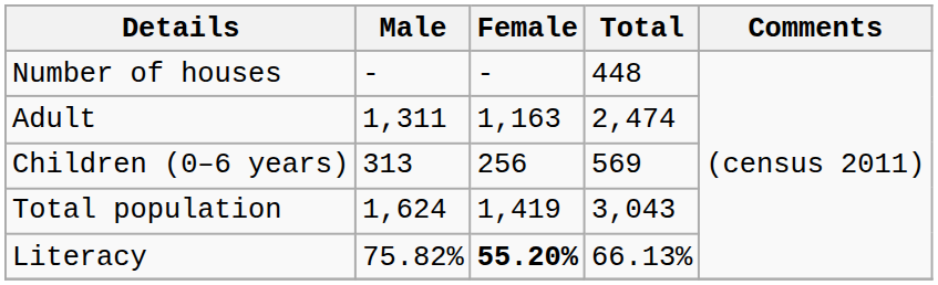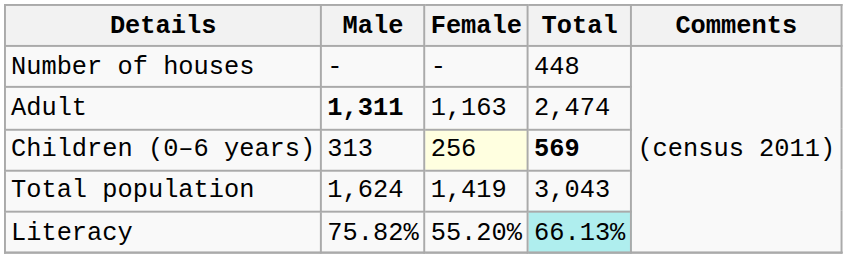 <table class="wikitable sortable">
 <tr>
 <th>Details</th>
 <th>Male</th>
 <th>Female</th>
 <th>Total</th>
 <th>Comments</th>
 </tr>
 <tr>
 <td>Number of houses</td>
 <td>-</td>
 <td>-</td>
 <td>448</td>
 <td rowspan="5">(census 2011)</td>
 </tr>
 <tr>
 <td>Adult</td>
-<td>1,311</td>
+<td><strong>1,311</strong></td>
 <td>1,163</td>
 <td>2,474</td>
 </tr>
 <tr>
 <td>Children (0–6 years)</td>
 <td>313</td>
-<td>256</td>
-<td>569</td>
+<td style="background: lightyellow;">256</td>
+<td><strong>569</strong></td>
 </tr>
 <tr>
 <td>Total population</td>
 <td>1,624</td>
 <td>1,419</td>
 <td>3,043</td>
 </tr>
 <tr>
 <td>Literacy</td>
 <td>75.82%</td>
-<td><strong>55.20%</strong></td>
-<td>66.13%</td>
+<td>55.20%</td>
+<td style="background: paleturquoise;">66.13%</td>
 </tr>
 <tr>
 </tr>
 </table>
